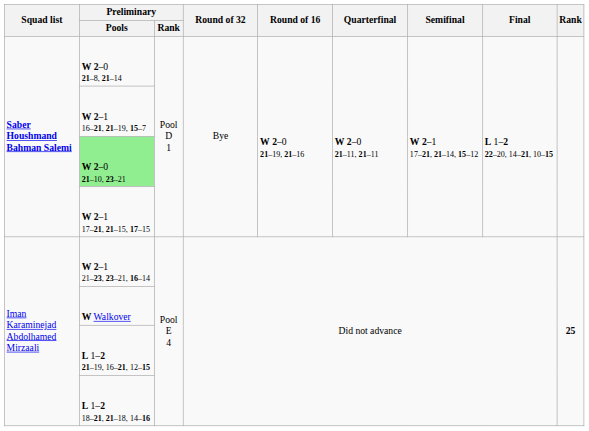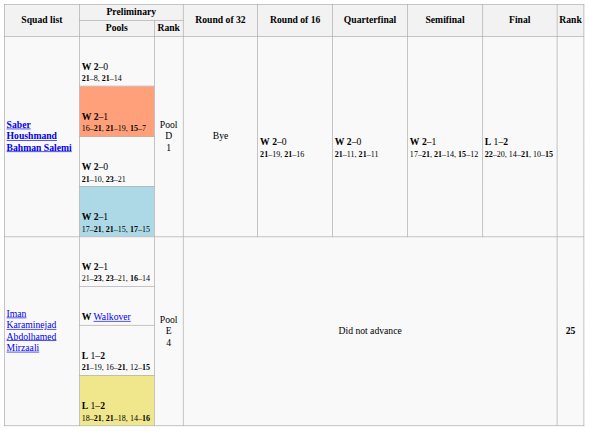 <table class="wikitable" width="98%" style="text-align:left; font-size:90%">
 <tr>
 <th rowspan="2" width="13%">Squad list</th>
 <th colspan="2">Preliminary</th>
 <th rowspan="2" width="13%">Round of 32</th>
 <th rowspan="2" width="13%">Round of 16</th>
 <th rowspan="2" width="13%">Quarterfinal</th>
 <th rowspan="2" width="13%">Semifinal</th>
 <th rowspan="2" width="13%">Final</th>
 <th rowspan="2" width="5%">Rank</th>
 </tr>
 <tr>
 <th width="13%">Pools</th>
 <th width="5%">Rank</th>
 </tr>
 <tr>
 <td rowspan=4><strong><a href='#'>Saber Houshmand</a><br><a href='#'>Bahman Salemi</a></strong></td>
 <td><br><br><strong>W</strong> <strong>2</strong>–0<br><small><strong>21</strong>–8, <strong>21</strong>–14</small></td>
 <td rowspan=4 align=center>Pool D<br>1 <strong></strong></td>
 <td rowspan=4 align="center">Bye</td>
 <td rowspan=4><br><br><strong>W</strong> <strong>2</strong>–0<br><small><strong>21</strong>–19, <strong>21</strong>–16</small></td>
 <td rowspan=4><br><br><strong>W</strong> <strong>2</strong>–0<br><small><strong>21</strong>–11, <strong>21</strong>–11</small></td>
 <td rowspan=4><br><br><strong>W</strong> <strong>2</strong>–1<br><small>17–<strong>21</strong>, <strong>21</strong>–14, <strong>15</strong>–12</small></td>
 <td rowspan=4><br><br><strong>L</strong> 1–<strong>2</strong><br><small><strong>22</strong>–20, 14–<strong>21</strong>, 10–<strong>15</strong></small></td>
 <td rowspan=4 align=center></td>
 </tr>
 <tr>
-<td><br><br><strong>W</strong> <strong>2</strong>–1<br><small>16–<strong>21</strong>, <strong>21</strong>–19, <strong>15</strong>–7</small></td>
+<td style="background: lightsalmon;"><br><br><strong>W</strong> <strong>2</strong>–1<br><small>16–<strong>21</strong>, <strong>21</strong>–19, <strong>15</strong>–7</small></td>
 </tr>
 <tr>
-<td style="background: lightgreen;"><br><br><strong>W</strong> <strong>2</strong>–0<br><small><strong>21</strong>–10, <strong>23</strong>–21</small></td>
+<td><br><br><strong>W</strong> <strong>2</strong>–0<br><small><strong>21</strong>–10, <strong>23</strong>–21</small></td>
 </tr>
 <tr>
-<td><br><br><strong>W</strong> <strong>2</strong>–1<br><small>17–<strong>21</strong>, <strong>21</strong>–15, <strong>17</strong>–15</small></td>
+<td style="background: lightblue;"><br><br><strong>W</strong> <strong>2</strong>–1<br><small>17–<strong>21</strong>, <strong>21</strong>–15, <strong>17</strong>–15</small></td>
 </tr>
 <tr>
 <td rowspan=4><a href='#'>Iman Karaminejad</a><br><a href='#'>Abdolhamed Mirzaali</a></td>
 <td><br><br><strong>W</strong> <strong>2</strong>–1<br><small>21–<strong>23</strong>, <strong>23</strong>–21, <strong>16</strong>–14</small></td>
 <td rowspan=4 align=center>Pool E<br>4</td>
 <td rowspan=4 colspan=5 align=center>Did not advance</td>
 <td rowspan=4 align="center"><strong>25</strong></td>
 </tr>
 <tr>
 <td><br><br><strong>W</strong> <a href='#'>Walkover</a></td>
 </tr>
 <tr>
 <td><br><br><strong>L</strong> 1–<strong>2</strong><br><small><strong>21</strong>–19, 16–<strong>21</strong>, 12–<strong>15</strong></small></td>
 </tr>
 <tr>
-<td><br><br><strong>L</strong> 1–<strong>2</strong><br><small>18–<strong>21</strong>, <strong>21</strong>–18, 14–<strong>16</strong></small></td>
+<td style="background: khaki;"><br><br><strong>L</strong> 1–<strong>2</strong><br><small>18–<strong>21</strong>, <strong>21</strong>–18, 14–<strong>16</strong></small></td>
 </tr>
 </table>
